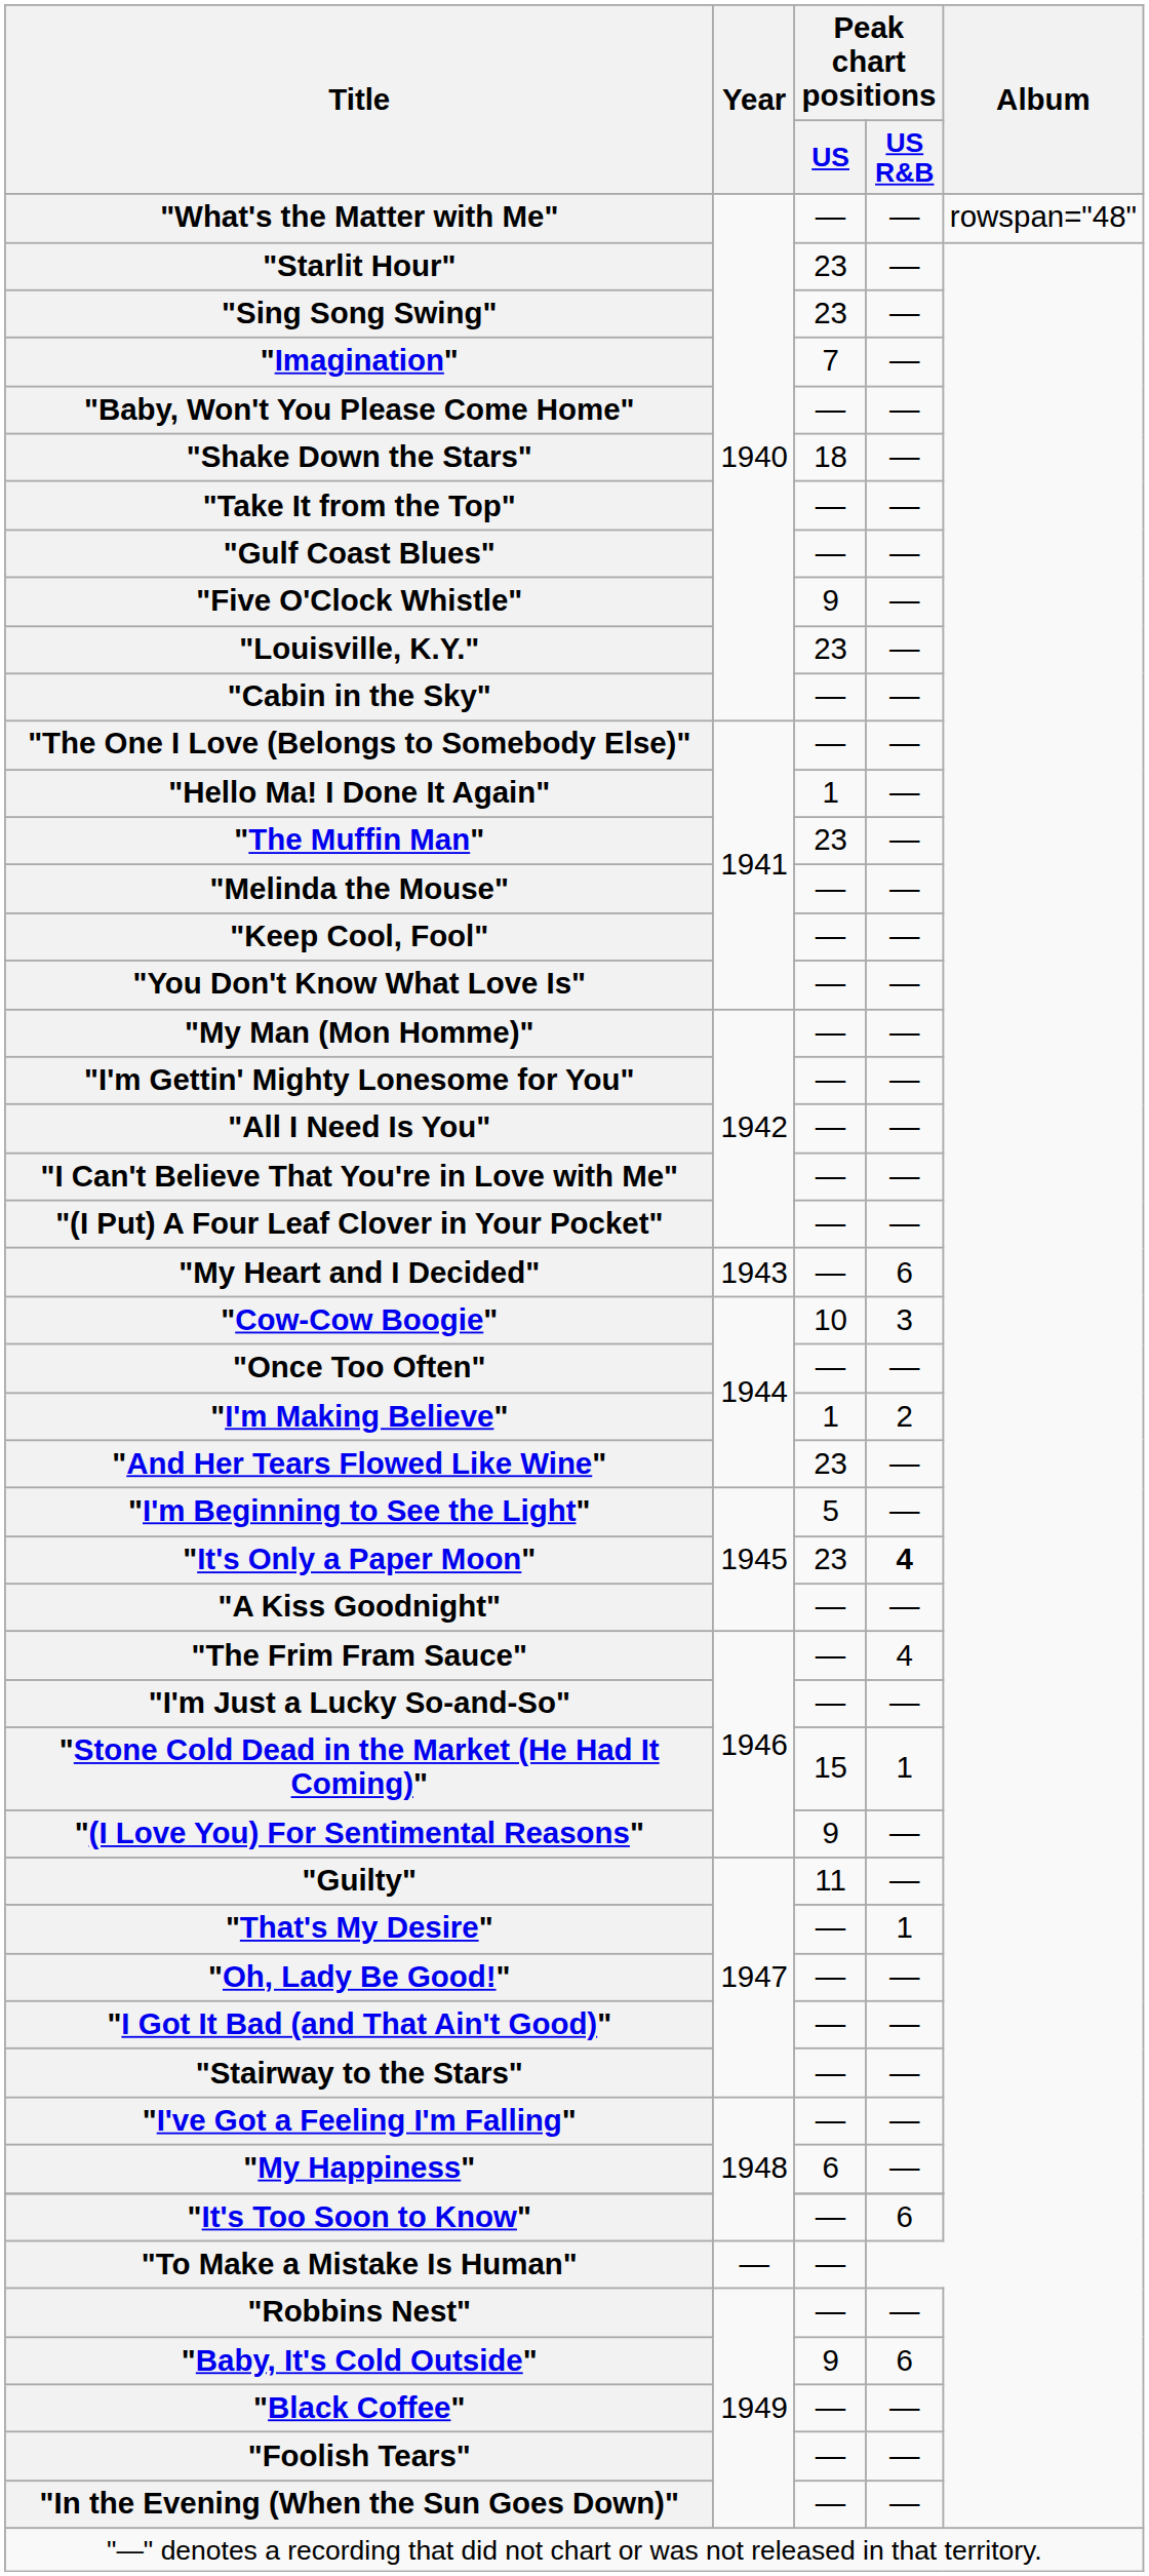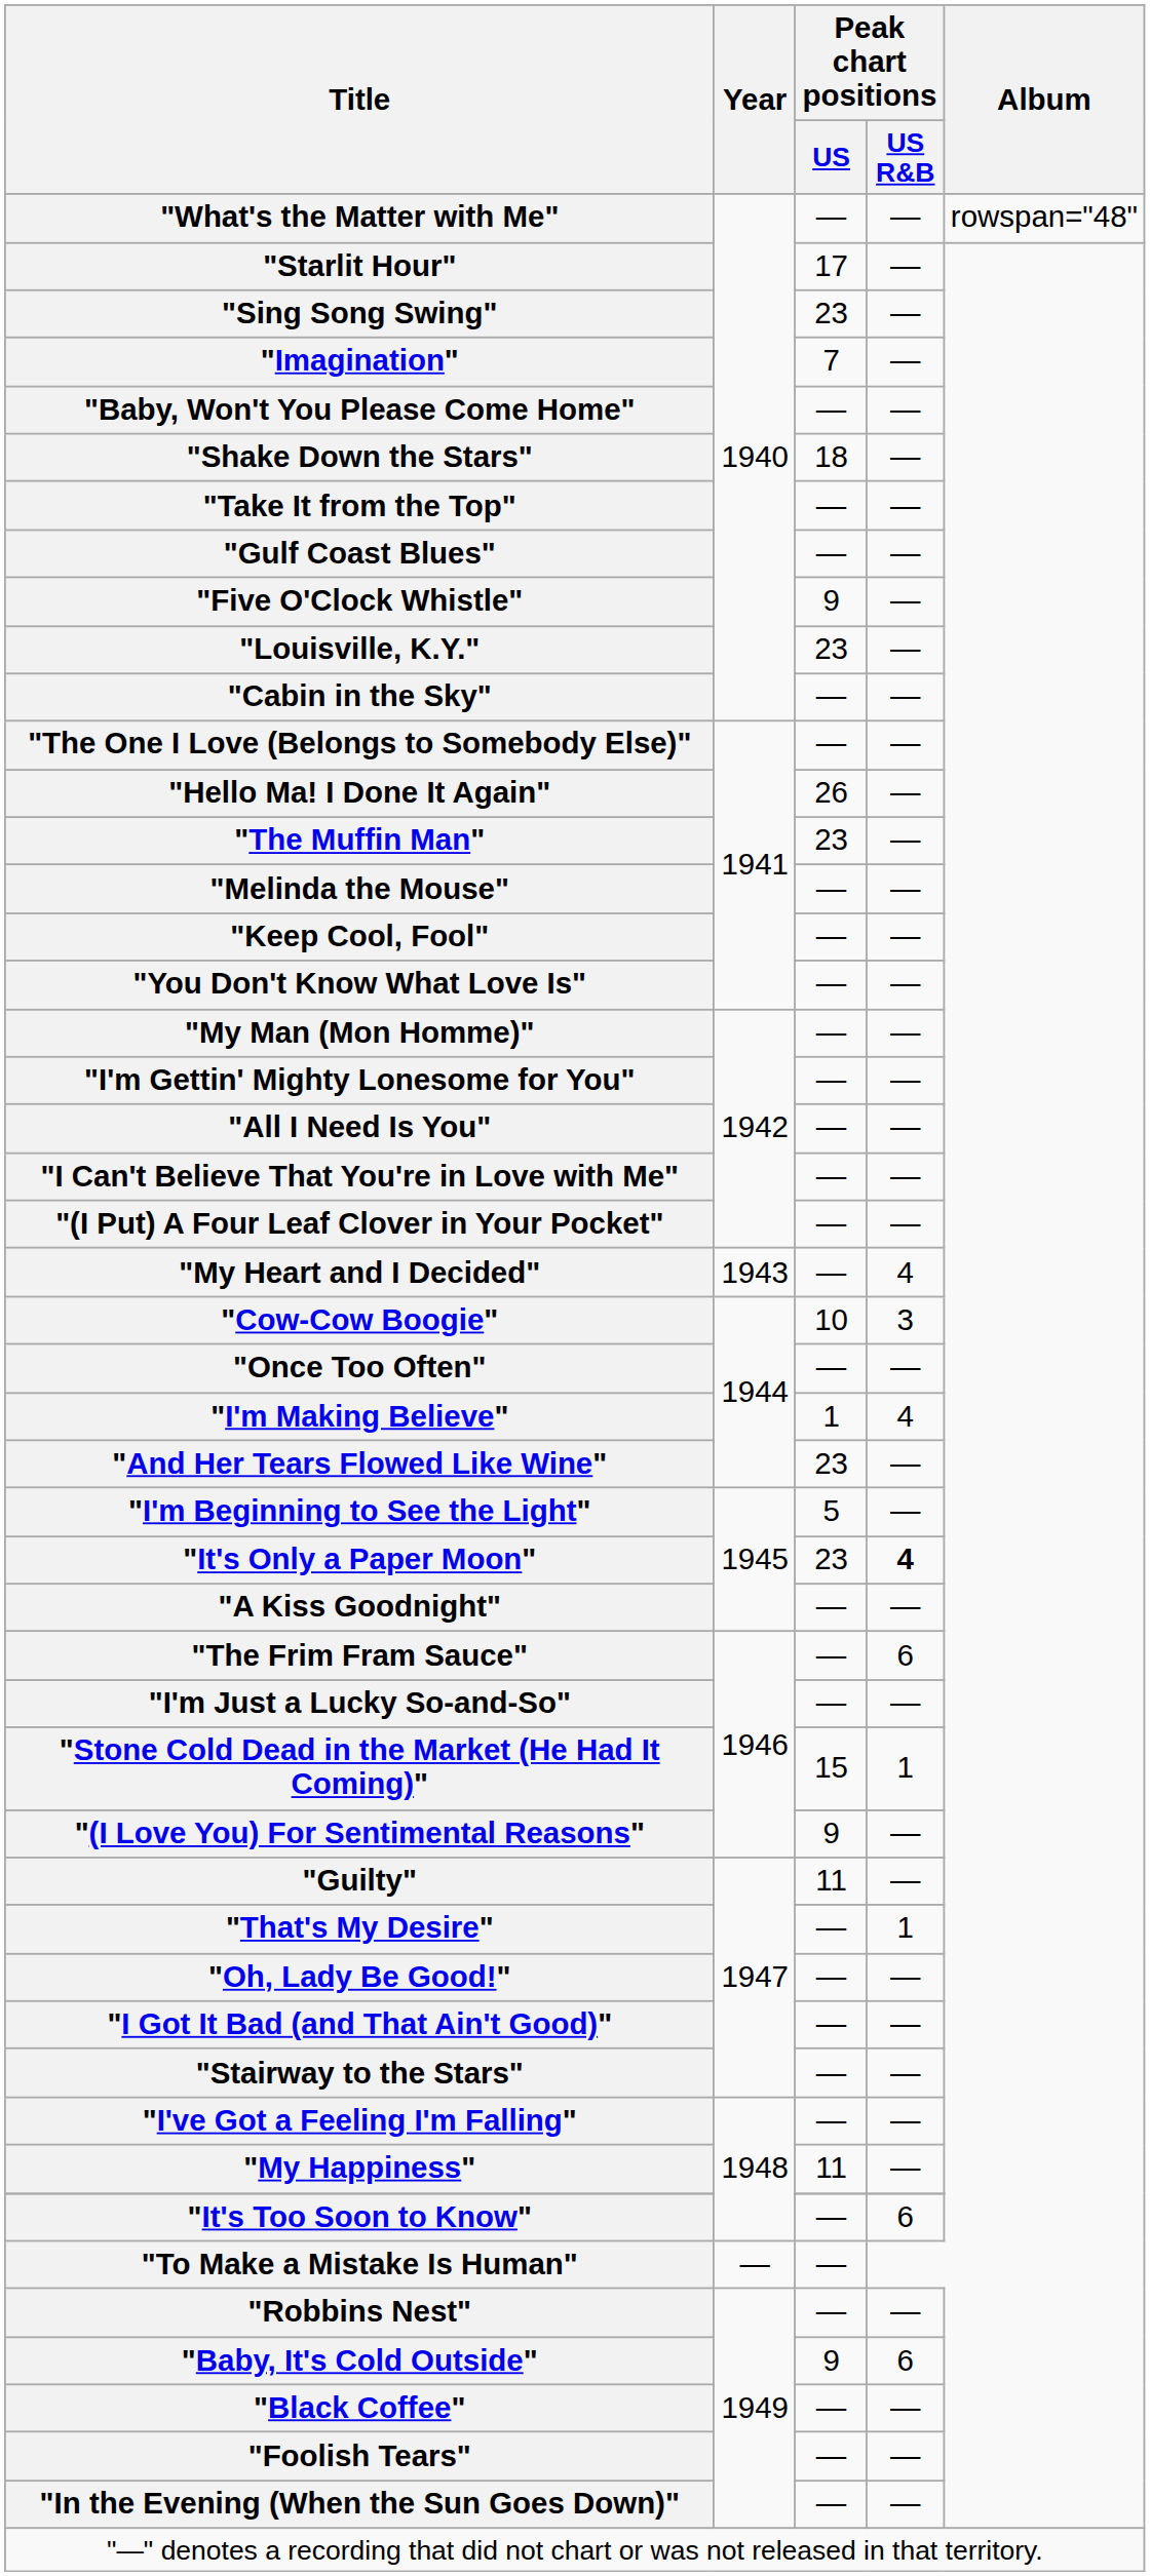 <table class="wikitable plainrowheaders" style="text-align:center;" border="1">
 <tr>
 <th scope="col" rowspan="2" style="width:23em;">Title</th>
 <th scope="col" rowspan="2">Year</th>
 <th scope="col" colspan="2">Peak chart<br>positions</th>
 <th scope="col" rowspan="2">Album</th>
 </tr>
 <tr>
 <th scope="col" style="width:2em;font-size:90%;"><a href='#'>US</a><br></th>
 <th scope="col" style="width:2em;font-size:90%;"><a href='#'>US<br>R&B</a><br></th>
 </tr>
 <tr>
 <th scope="row">"What's the Matter with Me"<br></th>
 <td rowspan="11">1940</td>
 <td>—</td>
 <td>—</td>
 <td>rowspan="48" </td>
 </tr>
 <tr>
 <th scope="row">"Starlit Hour"<br></th>
-<td>23</td>
+<td>17</td>
 <td>—</td>
 </tr>
 <tr>
 <th scope="row">"Sing Song Swing"<br></th>
 <td>23</td>
 <td>—</td>
 </tr>
 <tr>
 <th scope="row">"<a href='#'>Imagination</a>"<br></th>
 <td>7</td>
 <td>—</td>
 </tr>
 <tr>
 <th scope="row">"Baby, Won't You Please Come Home"<br></th>
 <td>—</td>
 <td>—</td>
 </tr>
 <tr>
 <th scope="row">"Shake Down the Stars"<br></th>
 <td>18</td>
 <td>—</td>
 </tr>
 <tr>
 <th scope="row">"Take It from the Top"<br></th>
 <td>—</td>
 <td>—</td>
 </tr>
 <tr>
 <th scope="row">"Gulf Coast Blues"<br></th>
 <td>—</td>
 <td>—</td>
 </tr>
 <tr>
 <th scope="row">"Five O'Clock Whistle"<br></th>
 <td>9</td>
 <td>—</td>
 </tr>
 <tr>
 <th scope="row">"Louisville, K.Y."<br></th>
 <td>23</td>
 <td>—</td>
 </tr>
 <tr>
 <th scope="row">"Cabin in the Sky"<br></th>
 <td>—</td>
 <td>—</td>
 </tr>
 <tr>
 <th scope="row">"The One I Love (Belongs to Somebody Else)"<br></th>
 <td rowspan="6">1941</td>
 <td>—</td>
 <td>—</td>
 </tr>
 <tr>
 <th scope="row">"Hello Ma! I Done It Again"<br></th>
-<td>1</td>
+<td>26</td>
 <td>—</td>
 </tr>
 <tr>
 <th scope="row">"<a href='#'>The Muffin Man</a>"<br></th>
 <td>23</td>
 <td>—</td>
 </tr>
 <tr>
 <th scope="row">"Melinda the Mouse"<br></th>
 <td>—</td>
 <td>—</td>
 </tr>
 <tr>
 <th scope="row">"Keep Cool, Fool"<br></th>
 <td>—</td>
 <td>—</td>
 </tr>
 <tr>
 <th scope="row">"You Don't Know What Love Is"</th>
 <td>—</td>
 <td>—</td>
 </tr>
 <tr>
 <th scope="row">"My Man (Mon Homme)"<br></th>
 <td rowspan="5">1942</td>
 <td>—</td>
 <td>—</td>
 </tr>
 <tr>
 <th scope="row">"I'm Gettin' Mighty Lonesome for You"<br></th>
 <td>—</td>
 <td>—</td>
 </tr>
 <tr>
 <th scope="row">"All I Need Is You"<br></th>
 <td>—</td>
 <td>—</td>
 </tr>
 <tr>
 <th scope="row">"I Can't Believe That You're in Love with Me"<br></th>
 <td>—</td>
 <td>—</td>
 </tr>
 <tr>
 <th scope="row">"(I Put) A Four Leaf Clover in Your Pocket"<br></th>
 <td>—</td>
 <td>—</td>
 </tr>
 <tr>
 <th scope="row">"My Heart and I Decided"<br></th>
 <td>1943</td>
 <td>—</td>
-<td>6</td>
+<td>4</td>
 </tr>
 <tr>
 <th scope="row">"<a href='#'>Cow-Cow Boogie</a>"<br></th>
 <td rowspan="4">1944</td>
 <td>10</td>
 <td>3</td>
 </tr>
 <tr>
 <th scope="row">"Once Too Often"</th>
 <td>—</td>
 <td>—</td>
 </tr>
 <tr>
 <th scope="row">"<a href='#'>I'm Making Believe</a>"<br></th>
 <td>1</td>
-<td>2</td>
+<td>4</td>
 </tr>
 <tr>
 <th scope="row">"<a href='#'>And Her Tears Flowed Like Wine</a>"<br></th>
 <td>23</td>
 <td>—</td>
 </tr>
 <tr>
 <th scope="row">"<a href='#'>I'm Beginning to See the Light</a>"<br></th>
 <td rowspan="3">1945</td>
 <td>5</td>
 <td>—</td>
 </tr>
 <tr>
 <th scope="row">"<a href='#'>It's Only a Paper Moon</a>"<br></th>
 <td>23</td>
 <td><strong>4</strong></td>
 </tr>
 <tr>
 <th scope="row">"A Kiss Goodnight"<br></th>
 <td>—</td>
 <td>—</td>
 </tr>
 <tr>
 <th scope="row">"The Frim Fram Sauce"<br></th>
 <td rowspan="4">1946</td>
 <td>—</td>
-<td>4</td>
+<td>6</td>
 </tr>
 <tr>
 <th scope="row">"I'm Just a Lucky So-and-So"<br></th>
 <td>—</td>
 <td>—</td>
 </tr>
 <tr>
 <th scope="row">"<a href='#'>Stone Cold Dead in the Market (He Had It Coming)</a>" </th>
 <td>15</td>
 <td>1</td>
 </tr>
 <tr>
 <th scope="row">"<a href='#'>(I Love You) For Sentimental Reasons</a>"<br></th>
 <td>9</td>
 <td>—</td>
 </tr>
 <tr>
 <th scope="row">"Guilty"<br></th>
 <td rowspan="5">1947</td>
 <td>11</td>
 <td>—</td>
 </tr>
 <tr>
 <th scope="row">"<a href='#'>That's My Desire</a>"<br></th>
 <td>—</td>
 <td>1</td>
 </tr>
 <tr>
 <th scope="row">"<a href='#'>Oh, Lady Be Good!</a>"<br></th>
 <td>—</td>
 <td>—</td>
 </tr>
 <tr>
 <th scope="row">"<a href='#'>I Got It Bad (and That Ain't Good)</a>"</th>
 <td>—</td>
 <td>—</td>
 </tr>
 <tr>
 <th scope="row">"Stairway to the Stars"</th>
 <td>—</td>
 <td>—</td>
 </tr>
 <tr>
 <th scope="row">"<a href='#'>I've Got a Feeling I'm Falling</a>"<br></th>
 <td rowspan="4">1948</td>
 <td>—</td>
 <td>—</td>
 </tr>
 <tr>
 <th scope="row">"<a href='#'>My Happiness</a>"<br></th>
-<td>6</td>
+<td>11</td>
 <td>—</td>
 </tr>
 <tr>
 </tr>
 <tr>
 <th scope="row">"<a href='#'>It's Too Soon to Know</a>"</th>
 <td>—</td>
 <td>6</td>
 </tr>
 <tr>
 <th scope="row">"To Make a Mistake Is Human"</th>
 <td>—</td>
 <td>—</td>
 </tr>
 <tr>
 <th scope="row">"Robbins Nest"</th>
 <td rowspan="5">1949</td>
 <td>—</td>
 <td>—</td>
 </tr>
 <tr>
 <th scope="row">"<a href='#'>Baby, It's Cold Outside</a>"<br></th>
 <td>9</td>
 <td>6</td>
 </tr>
 <tr>
 <th scope="row">"<a href='#'>Black Coffee</a>"<br></th>
 <td>—</td>
 <td>—</td>
 </tr>
 <tr>
 <th scope="row">"Foolish Tears"</th>
 <td>—</td>
 <td>—</td>
 </tr>
 <tr>
 <th scope="row">"In the Evening (When the Sun Goes Down)"<br></th>
 <td>—</td>
 <td>—</td>
 </tr>
 <tr>
 <td colspan="5" style="font-size:90%">"—" denotes a recording that did not chart or was not released in that territory.</td>
 </tr>
 </table>
